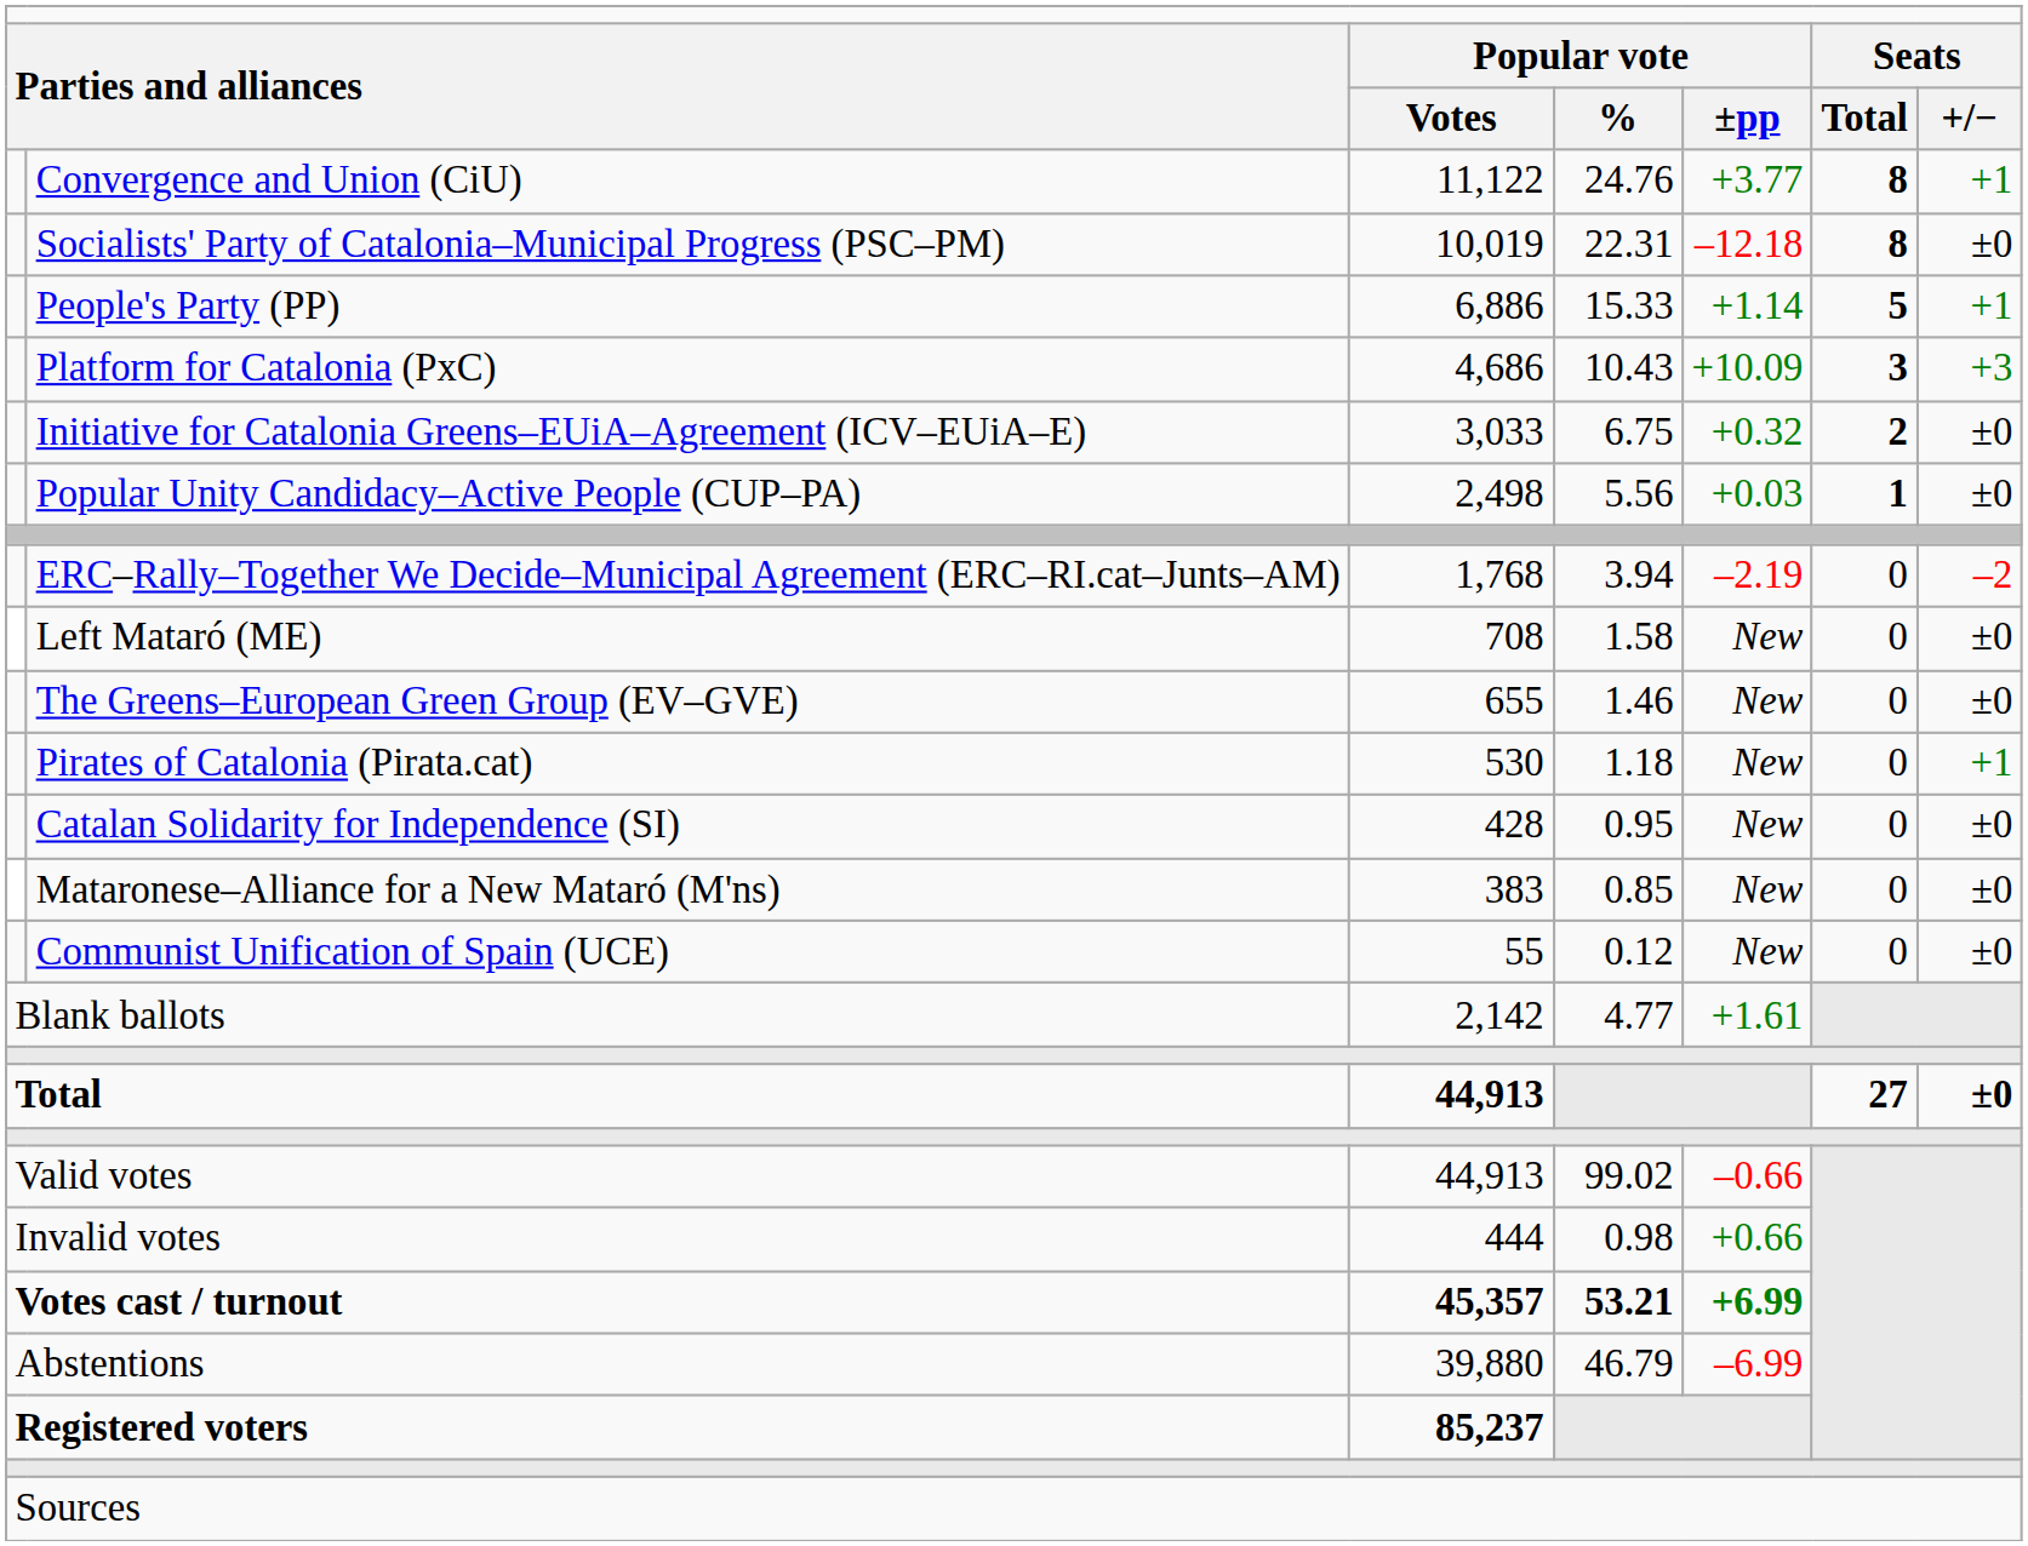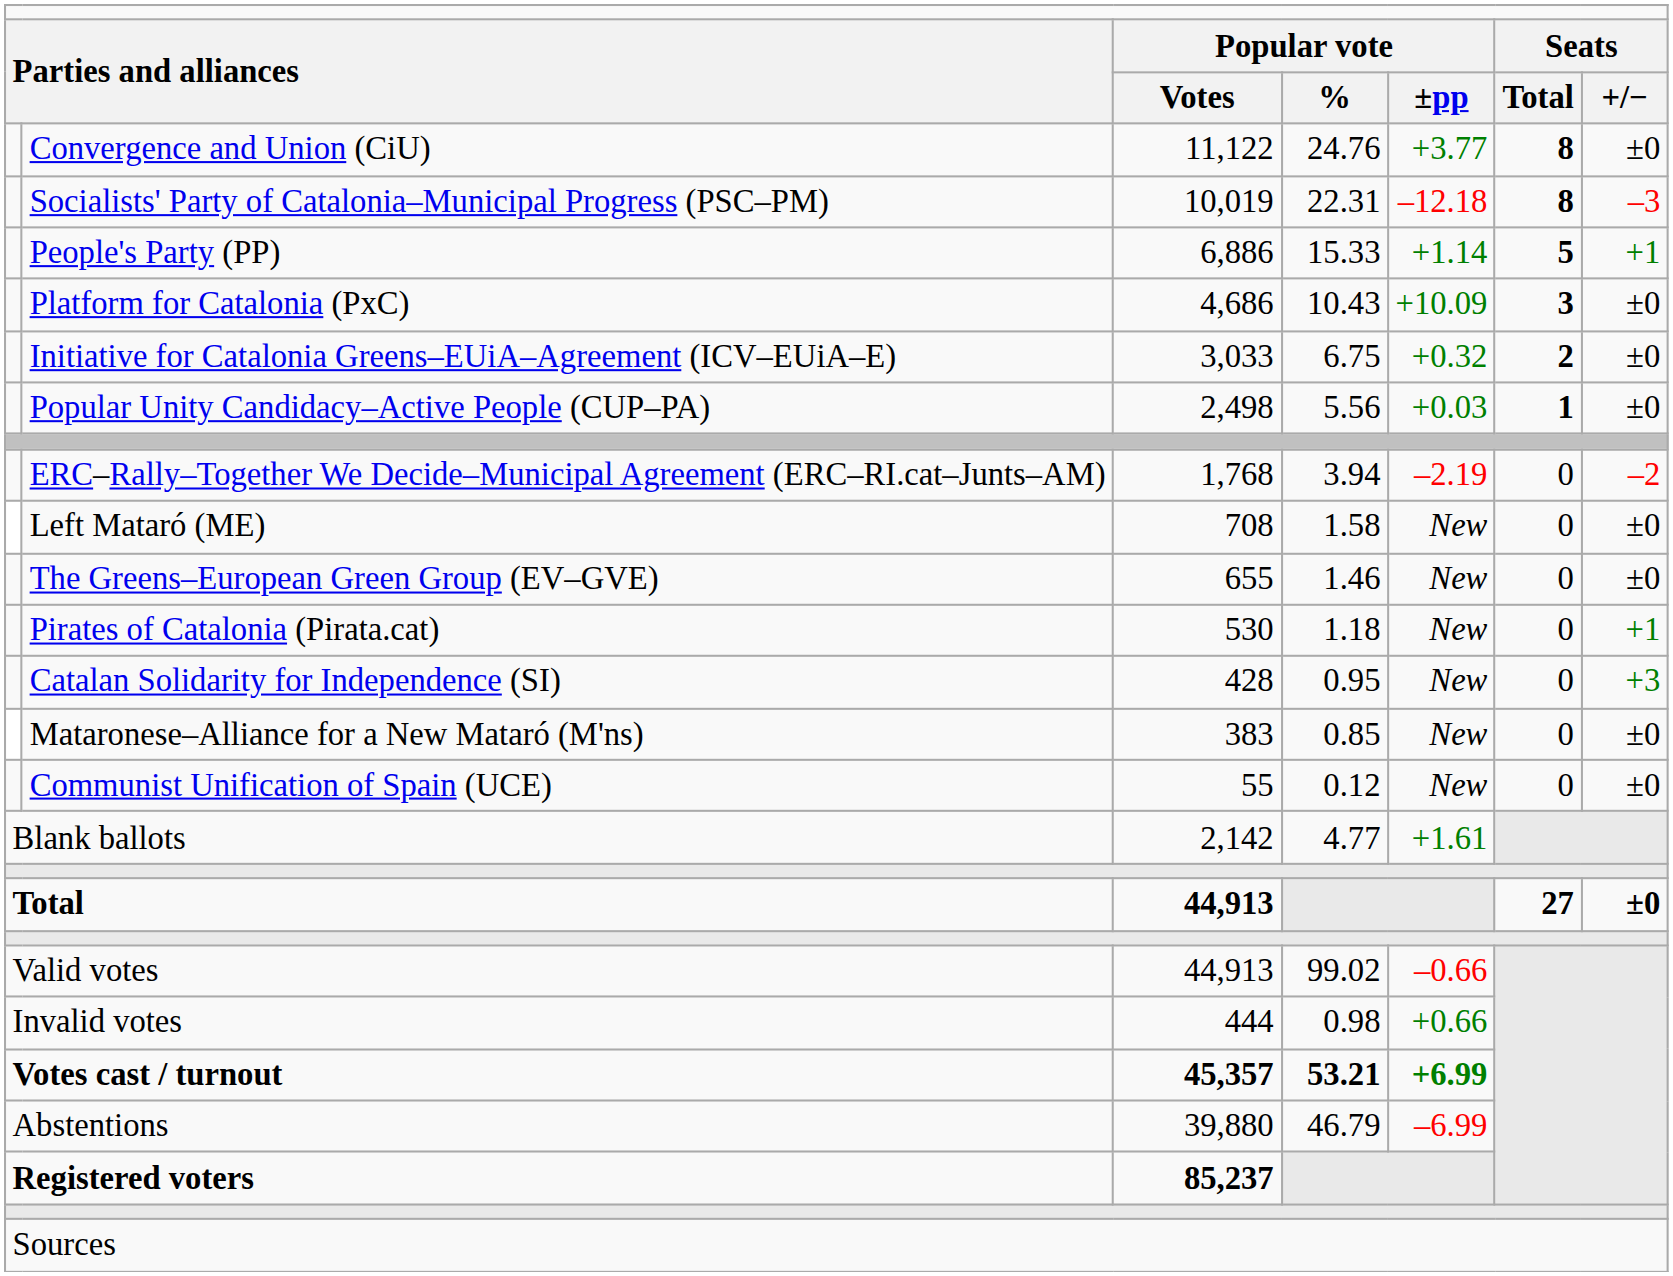 <table class="wikitable" style="text-align:right;">
 <tr>
 <td colspan="7"></td>
 </tr>
 <tr>
 <th style="text-align:left;" rowspan="2" colspan="2" width="525">Parties and alliances</th>
 <th colspan="3">Popular vote</th>
 <th colspan="2">Seats</th>
 </tr>
 <tr>
 <th width="75">Votes</th>
 <th width="45">%</th>
 <th width="45">±<a href='#'>pp</a></th>
 <th width="35">Total</th>
 <th width="35">+/−</th>
 </tr>
 <tr>
 <td width="1" style="color:inherit;background:"></td>
 <td align="left"><a href='#'>Convergence and Union</a> (CiU)</td>
 <td>11,122</td>
 <td>24.76</td>
 <td style="color:green;">+3.77</td>
 <td><strong>8</strong></td>
-<td style="color:green;">+1</td>
+<td>±0</td>
 </tr>
 <tr>
 <td style="color:inherit;background:"></td>
 <td align="left"><a href='#'>Socialists' Party of Catalonia–Municipal Progress</a> (PSC–PM)</td>
 <td>10,019</td>
 <td>22.31</td>
 <td style="color:red;">–12.18</td>
 <td><strong>8</strong></td>
-<td>±0</td>
+<td style="color:red;">–3</td>
 </tr>
 <tr>
 <td style="color:inherit;background:"></td>
 <td align="left"><a href='#'>People's Party</a> (PP)</td>
 <td>6,886</td>
 <td>15.33</td>
 <td style="color:green;">+1.14</td>
 <td><strong>5</strong></td>
 <td style="color:green;">+1</td>
 </tr>
 <tr>
 <td style="color:inherit;background:"></td>
 <td align="left"><a href='#'>Platform for Catalonia</a> (PxC)</td>
 <td>4,686</td>
 <td>10.43</td>
 <td style="color:green;">+10.09</td>
 <td><strong>3</strong></td>
-<td style="color:green;">+3</td>
+<td>±0</td>
 </tr>
 <tr>
 <td style="color:inherit;background:"></td>
 <td align="left"><a href='#'>Initiative for Catalonia Greens–EUiA–Agreement</a> (ICV–EUiA–E)</td>
 <td>3,033</td>
 <td>6.75</td>
 <td style="color:green;">+0.32</td>
 <td><strong>2</strong></td>
 <td>±0</td>
 </tr>
 <tr>
 <td style="color:inherit;background:"></td>
 <td align="left"><a href='#'>Popular Unity Candidacy–Active People</a> (CUP–PA)</td>
 <td>2,498</td>
 <td>5.56</td>
 <td style="color:green;">+0.03</td>
 <td><strong>1</strong></td>
 <td>±0</td>
 </tr>
 <tr>
 <td colspan="7" style="color:inherit;background:#C0C0C0"></td>
 </tr>
 <tr>
 <td style="color:inherit;background:"></td>
 <td align="left"><a href='#'>ERC</a>–<a href='#'>Rally–Together We Decide–Municipal Agreement</a> (ERC–RI.cat–Junts–AM)</td>
 <td>1,768</td>
 <td>3.94</td>
 <td style="color:red;">–2.19</td>
 <td>0</td>
 <td style="color:red;">–2</td>
 </tr>
 <tr>
 <td bgcolor="white"></td>
 <td align="left">Left Mataró (ME)</td>
 <td>708</td>
 <td>1.58</td>
 <td><em>New</em></td>
 <td>0</td>
 <td>±0</td>
 </tr>
 <tr>
 <td style="color:inherit;background:"></td>
 <td align="left"><a href='#'>The Greens–European Green Group</a> (EV–GVE)</td>
 <td>655</td>
 <td>1.46</td>
 <td><em>New</em></td>
 <td>0</td>
 <td>±0</td>
 </tr>
 <tr>
 <td style="color:inherit;background:"></td>
 <td align="left"><a href='#'>Pirates of Catalonia</a> (Pirata.cat)</td>
 <td>530</td>
 <td>1.18</td>
 <td><em>New</em></td>
 <td>0</td>
 <td style="color:green;">+1</td>
 </tr>
 <tr>
 <td style="color:inherit;background:"></td>
 <td align="left"><a href='#'>Catalan Solidarity for Independence</a> (SI)</td>
 <td>428</td>
 <td>0.95</td>
 <td><em>New</em></td>
 <td>0</td>
-<td>±0</td>
+<td style="color:green;">+3</td>
 </tr>
 <tr>
 <td bgcolor="white"></td>
 <td align="left">Mataronese–Alliance for a New Mataró (M'ns)</td>
 <td>383</td>
 <td>0.85</td>
 <td><em>New</em></td>
 <td>0</td>
 <td>±0</td>
 </tr>
 <tr>
 <td style="color:inherit;background:"></td>
 <td align="left"><a href='#'>Communist Unification of Spain</a> (UCE)</td>
 <td>55</td>
 <td>0.12</td>
 <td><em>New</em></td>
 <td>0</td>
 <td>±0</td>
 </tr>
 <tr>
 <td align="left" colspan="2">Blank ballots</td>
 <td>2,142</td>
 <td>4.77</td>
 <td style="color:green;">+1.61</td>
 <td style="color:inherit;background:#E9E9E9" colspan="2"></td>
 </tr>
 <tr>
 <td colspan="7" style="color:inherit;background:#E9E9E9"></td>
 </tr>
 <tr style="font-weight:bold;">
 <td align="left" colspan="2">Total</td>
 <td>44,913</td>
 <td bgcolor="#E9E9E9" colspan="2"></td>
 <td>27</td>
 <td>±0</td>
 </tr>
 <tr>
 <td colspan="7" style="color:inherit;background:#E9E9E9"></td>
 </tr>
 <tr>
 <td align="left" colspan="2">Valid votes</td>
 <td>44,913</td>
 <td>99.02</td>
 <td style="color:red;">–0.66</td>
 <td bgcolor="#E9E9E9" colspan="2" rowspan="5"></td>
 </tr>
 <tr>
 <td align="left" colspan="2">Invalid votes</td>
 <td>444</td>
 <td>0.98</td>
 <td style="color:green;">+0.66</td>
 </tr>
 <tr style="font-weight:bold;">
 <td align="left" colspan="2">Votes cast / turnout</td>
 <td>45,357</td>
 <td>53.21</td>
 <td style="color:green;">+6.99</td>
 </tr>
 <tr>
 <td align="left" colspan="2">Abstentions</td>
 <td>39,880</td>
 <td>46.79</td>
 <td style="color:red;">–6.99</td>
 </tr>
 <tr style="font-weight:bold;">
 <td align="left" colspan="2">Registered voters</td>
 <td>85,237</td>
 <td bgcolor="#E9E9E9" colspan="2"></td>
 </tr>
 <tr>
 <td colspan="7" style="color:inherit;background:#E9E9E9"></td>
 </tr>
 <tr>
 <td align="left" colspan="7">Sources</td>
 </tr>
 </table>
